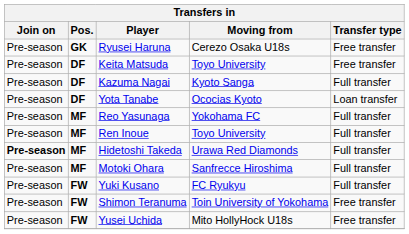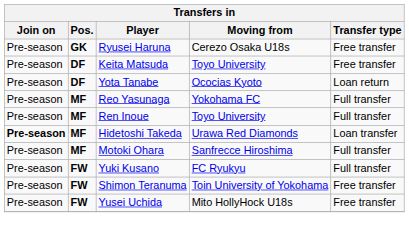 <table class="wikitable sortable" style=“text-align:left;>
 <tr>
 <th colspan="5">Transfers in</th>
 </tr>
 <tr>
 <th>Join on</th>
 <th>Pos.</th>
 <th>Player</th>
 <th>Moving from</th>
 <th>Transfer type</th>
 </tr>
 <tr>
 <td>Pre-season</td>
 <td><strong>GK</strong></td>
 <td> <a href='#'>Ryusei Haruna</a></td>
 <td> Cerezo Osaka U18s</td>
 <td>Free transfer</td>
 </tr>
 <tr>
 <td>Pre-season</td>
 <td><strong>DF</strong></td>
 <td> <a href='#'>Keita Matsuda</a></td>
 <td> <a href='#'>Toyo University</a></td>
 <td>Free transfer</td>
 </tr>
 <tr>
 <td>Pre-season</td>
 <td><strong>DF</strong></td>
-<td> <a href='#'>Kazuma Nagai</a></td>
-<td> <a href='#'>Kyoto Sanga</a></td>
-<td>Full transfer</td>
-</tr>
-<tr>
-<td>Pre-season</td>
-<td><strong>DF</strong></td>
 <td> <a href='#'>Yota Tanabe</a></td>
 <td> <a href='#'>Ococias Kyoto</a></td>
-<td>Loan transfer</td>
+<td>Loan return</td>
 </tr>
 <tr>
 <td>Pre-season</td>
 <td><strong>MF</strong></td>
 <td> <a href='#'>Reo Yasunaga</a></td>
 <td> <a href='#'>Yokohama FC</a></td>
 <td>Full transfer</td>
 </tr>
 <tr>
 <td>Pre-season</td>
 <td><strong>MF</strong></td>
 <td> <a href='#'>Ren Inoue</a></td>
 <td> <a href='#'>Toyo University</a></td>
 <td>Full transfer</td>
 </tr>
 <tr>
 <td><strong>Pre-season</strong></td>
 <td><strong>MF</strong></td>
 <td> <a href='#'>Hidetoshi Takeda</a></td>
 <td> <a href='#'>Urawa Red Diamonds</a></td>
-<td>Full transfer</td>
+<td>Loan transfer</td>
 </tr>
 <tr>
 <td>Pre-season</td>
 <td><strong>MF</strong></td>
 <td> <a href='#'>Motoki Ohara</a></td>
 <td> <a href='#'>Sanfrecce Hiroshima</a></td>
 <td>Full transfer</td>
 </tr>
 <tr>
 <td>Pre-season</td>
 <td><strong>FW</strong></td>
 <td> <a href='#'>Yuki Kusano</a></td>
 <td> <a href='#'>FC Ryukyu</a></td>
 <td>Full transfer</td>
 </tr>
 <tr>
 <td>Pre-season</td>
 <td><strong>FW</strong></td>
 <td> <a href='#'>Shimon Teranuma</a></td>
 <td> <a href='#'>Toin University of Yokohama</a></td>
 <td>Free transfer</td>
 </tr>
 <tr>
 <td>Pre-season</td>
 <td><strong>FW</strong></td>
 <td> <a href='#'>Yusei Uchida</a></td>
 <td>Mito HollyHock U18s</td>
 <td>Free transfer</td>
 </tr>
 <tr>
 </tr>
 </table>
